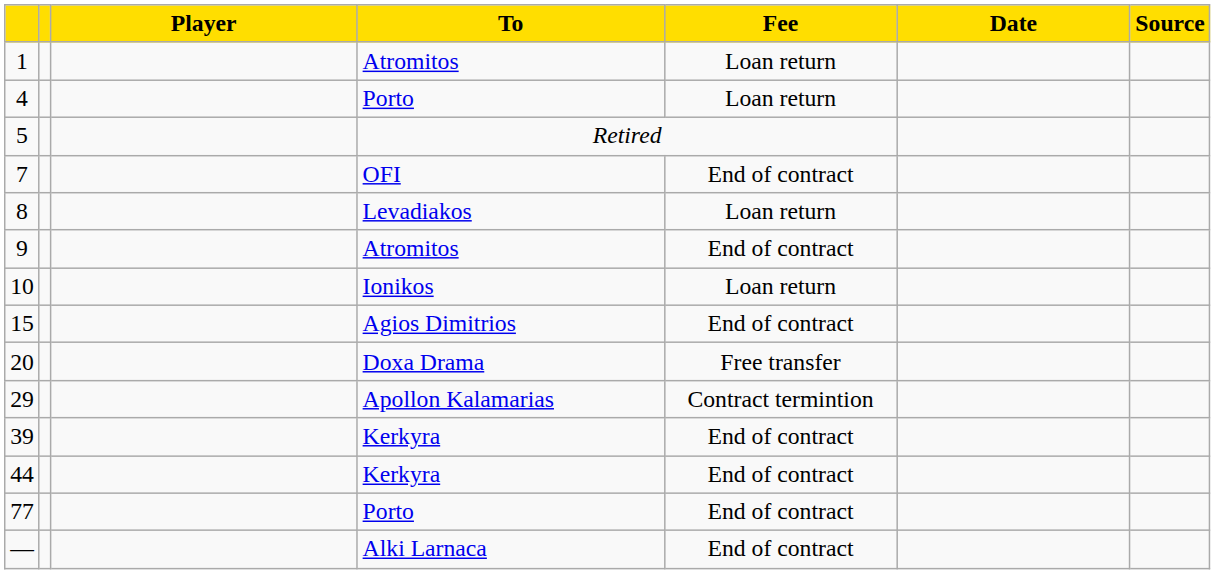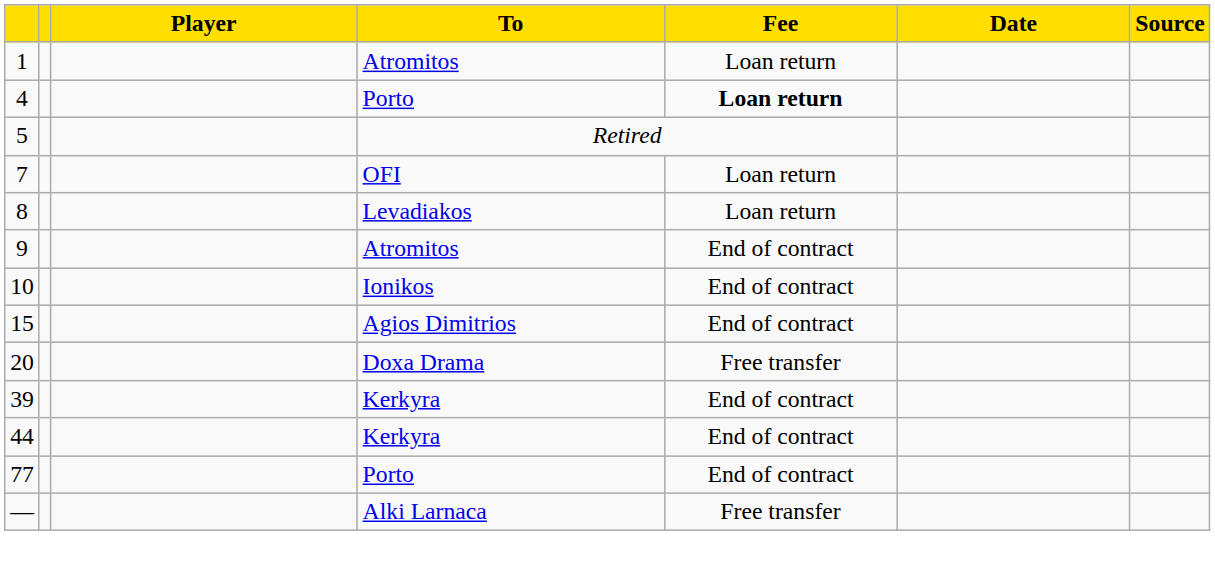 <table class="wikitable sortable">
 <tr>
 <th style="background:#FFDE00"></th>
 <th style="background:#FFDE00"></th>
 <th width=200 style="background:#FFDE00">Player</th>
 <th width=200 style="background:#FFDE00">To</th>
 <th width=150 style="background:#FFDE00">Fee</th>
 <th width=150 style="background:#FFDE00">Date</th>
 <th style="background:#FFDE00">Source</th>
 </tr>
 <tr>
 <td align=center>1</td>
 <td align=center></td>
 <td></td>
 <td> <a href='#'>Atromitos</a></td>
 <td align=center>Loan return</td>
 <td align=center></td>
 <td align=center></td>
 </tr>
 <tr>
 <td align=center>4</td>
 <td align=center></td>
 <td></td>
 <td> <a href='#'>Porto</a></td>
-<td align=center>Loan return</td>
+<td align=center><strong>Loan return</strong></td>
 <td align=center></td>
 <td align=center></td>
 </tr>
 <tr>
 <td align=center>5</td>
 <td align=center></td>
 <td></td>
 <td align=center colspan=2><em>Retired</em></td>
 <td align=center></td>
 <td align=center></td>
 </tr>
 <tr>
 <td align=center>7</td>
 <td align=center></td>
 <td></td>
 <td> <a href='#'>OFI</a></td>
-<td align=center>End of contract</td>
+<td align=center>Loan return</td>
 <td align=center></td>
 <td align=center></td>
 </tr>
 <tr>
 <td align=center>8</td>
 <td align=center></td>
 <td></td>
 <td> <a href='#'>Levadiakos</a></td>
 <td align=center>Loan return</td>
 <td align=center></td>
 <td align=center></td>
 </tr>
 <tr>
 <td align=center>9</td>
 <td align=center></td>
 <td></td>
 <td> <a href='#'>Atromitos</a></td>
 <td align=center>End of contract</td>
 <td align=center></td>
 <td align=center></td>
 </tr>
 <tr>
 <td align=center>10</td>
 <td align=center></td>
 <td></td>
 <td> <a href='#'>Ionikos</a></td>
-<td align=center>Loan return</td>
+<td align=center>End of contract</td>
 <td align=center></td>
 <td align=center></td>
 </tr>
 <tr>
 <td align=center>15</td>
 <td align=center></td>
 <td></td>
 <td> <a href='#'>Agios Dimitrios</a></td>
 <td align=center>End of contract</td>
 <td align=center></td>
 <td align=center></td>
 </tr>
 <tr>
 <td align=center>20</td>
 <td align=center></td>
 <td></td>
 <td> <a href='#'>Doxa Drama</a></td>
 <td align=center>Free transfer</td>
-<td align=center></td>
-<td align=center></td>
-</tr>
-<tr>
-<td align=center>29</td>
-<td align=center></td>
-<td></td>
-<td> <a href='#'>Apollon Kalamarias</a></td>
-<td align=center>Contract termintion</td>
 <td align=center></td>
 <td align=center></td>
 </tr>
 <tr>
 <td align=center>39</td>
 <td align=center></td>
 <td></td>
 <td> <a href='#'>Kerkyra</a></td>
 <td align=center>End of contract</td>
 <td align=center></td>
 <td align=center></td>
 </tr>
 <tr>
 <td align=center>44</td>
 <td align=center></td>
 <td></td>
 <td> <a href='#'>Kerkyra</a></td>
 <td align=center>End of contract</td>
 <td align=center></td>
 <td align=center></td>
 </tr>
 <tr>
 <td align=center>77</td>
 <td align=center></td>
 <td></td>
 <td> <a href='#'>Porto</a></td>
 <td align=center>End of contract</td>
 <td align=center></td>
 <td align=center></td>
 </tr>
 <tr>
 <td align=center>—</td>
 <td align=center></td>
 <td></td>
 <td> <a href='#'>Alki Larnaca</a></td>
-<td align=center>End of contract</td>
+<td align=center>Free transfer</td>
 <td align=center></td>
 <td align=center></td>
 </tr>
 </table>
